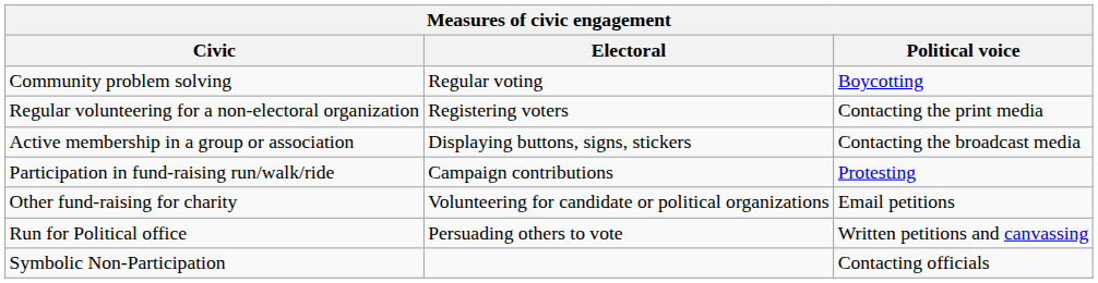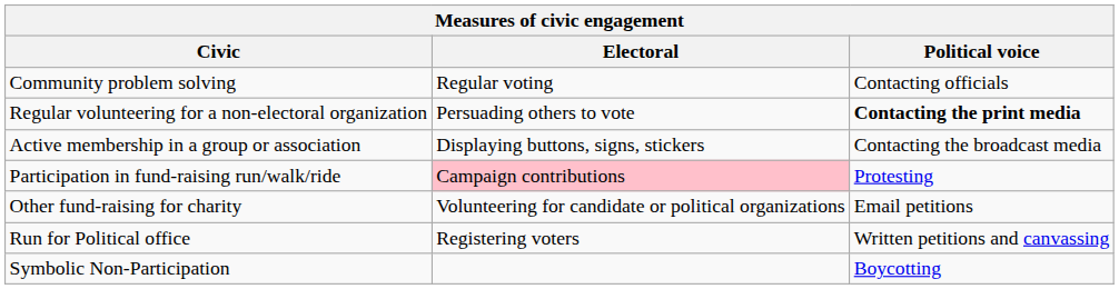 <table class="wikitable">
 <tr>
 <th align="center" colspan="6"><strong>Measures of civic engagement</strong></th>
 </tr>
 <tr>
 <th>Civic</th>
 <th>Electoral</th>
 <th>Political voice</th>
 </tr>
 <tr>
 <td>Community problem solving</td>
 <td>Regular voting</td>
-<td><a href='#'>Boycotting</a></td>
+<td>Contacting officials</td>
 </tr>
 <tr>
 <td>Regular volunteering for a non-electoral organization</td>
-<td>Registering voters</td>
-<td>Contacting the print media</td>
+<td>Persuading others to vote</td>
+<td><strong>Contacting the print media</strong></td>
 </tr>
 <tr>
 <td>Active membership in a group or association</td>
 <td>Displaying buttons, signs, stickers</td>
 <td>Contacting the broadcast media</td>
 </tr>
 <tr>
 <td>Participation in fund-raising run/walk/ride</td>
-<td>Campaign contributions</td>
+<td style="background: pink;">Campaign contributions</td>
 <td><a href='#'>Protesting</a></td>
 </tr>
 <tr>
 <td>Other fund-raising for charity</td>
 <td>Volunteering for candidate or political organizations</td>
 <td>Email petitions</td>
 </tr>
 <tr>
 <td>Run for Political office</td>
-<td>Persuading others to vote</td>
+<td>Registering voters</td>
 <td>Written petitions and <a href='#'>canvassing</a></td>
 </tr>
 <tr>
 <td>Symbolic Non-Participation</td>
 <td></td>
-<td>Contacting officials</td>
+<td><a href='#'>Boycotting</a></td>
 </tr>
 </table>
